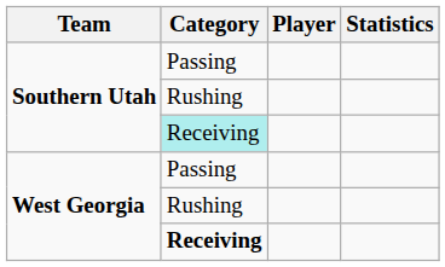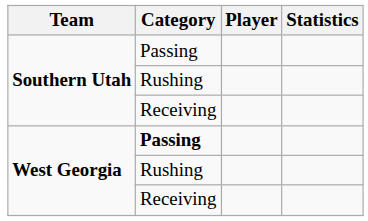 <table class="wikitable" style="float: right;">
 <tr>
 <th>Team</th>
 <th>Category</th>
 <th>Player</th>
 <th>Statistics</th>
 </tr>
 <tr>
 <td rowspan=3><strong>Southern Utah</strong></td>
 <td>Passing</td>
 <td></td>
 <td></td>
 </tr>
 <tr>
 <td>Rushing</td>
 <td></td>
 <td></td>
 </tr>
 <tr>
-<td style="background: paleturquoise;">Receiving</td>
+<td>Receiving</td>
 <td></td>
 <td></td>
 </tr>
 <tr>
 <td rowspan=3><strong>West Georgia</strong></td>
-<td>Passing</td>
+<td><strong>Passing</strong></td>
 <td></td>
 <td></td>
 </tr>
 <tr>
 <td>Rushing</td>
 <td></td>
 <td></td>
 </tr>
 <tr>
-<td><strong>Receiving</strong></td>
+<td>Receiving</td>
 <td></td>
 <td></td>
 </tr>
 </table>
